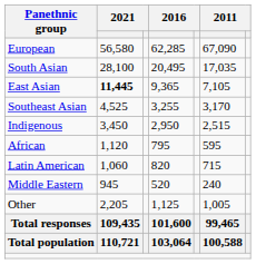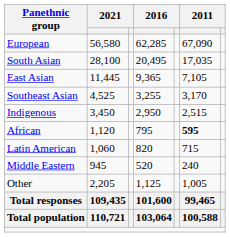 <table class="wikitable collapsible sortable">
 <tr>
 <th rowspan="2"><a href='#'>Panethnic</a><br>group</th>
 <th colspan="2">2021</th>
 <th colspan="2">2016</th>
 <th colspan="2">2011</th>
 </tr>
 <tr>
 <th><a href='#'></a></th>
 <th></th>
 <th></th>
 <th></th>
 <th></th>
 <th></th>
 </tr>
 <tr>
 <td><a href='#'>European</a></td>
 <td>56,580</td>
 <td></td>
 <td>62,285</td>
 <td></td>
 <td>67,090</td>
 <td></td>
 </tr>
 <tr>
 <td><a href='#'>South Asian</a></td>
 <td>28,100</td>
 <td></td>
 <td>20,495</td>
 <td></td>
 <td>17,035</td>
 <td></td>
 </tr>
 <tr>
 <td><a href='#'>East Asian</a></td>
-<td><strong>11,445</strong></td>
+<td>11,445</td>
 <td></td>
 <td>9,365</td>
 <td></td>
 <td>7,105</td>
 <td></td>
 </tr>
 <tr>
 <td><a href='#'>Southeast Asian</a></td>
 <td>4,525</td>
 <td></td>
 <td>3,255</td>
 <td></td>
 <td>3,170</td>
 <td></td>
 </tr>
 <tr>
 <td><a href='#'>Indigenous</a></td>
 <td>3,450</td>
 <td></td>
 <td>2,950</td>
 <td></td>
 <td>2,515</td>
 <td></td>
 </tr>
 <tr>
 <td><a href='#'>African</a></td>
 <td>1,120</td>
 <td></td>
 <td>795</td>
 <td></td>
-<td>595</td>
+<td><strong>595</strong></td>
 <td></td>
 </tr>
 <tr>
 <td><a href='#'>Latin American</a></td>
 <td>1,060</td>
 <td></td>
 <td>820</td>
 <td></td>
 <td>715</td>
 <td></td>
 </tr>
 <tr>
 <td><a href='#'>Middle Eastern</a></td>
 <td>945</td>
 <td></td>
 <td>520</td>
 <td></td>
 <td>240</td>
 <td></td>
 </tr>
 <tr>
 <td>Other</td>
 <td>2,205</td>
 <td></td>
 <td>1,125</td>
 <td></td>
 <td>1,005</td>
 <td></td>
 </tr>
 <tr>
 <th>Total responses</th>
 <th>109,435</th>
 <th></th>
 <th>101,600</th>
 <th></th>
 <th>99,465</th>
 <th></th>
 </tr>
 <tr>
 <th>Total population</th>
 <th>110,721</th>
 <th></th>
 <th>103,064</th>
 <th></th>
 <th>100,588</th>
 <th></th>
 </tr>
 <tr class="sortbottom">
 <td colspan="15"></td>
 </tr>
 </table>
